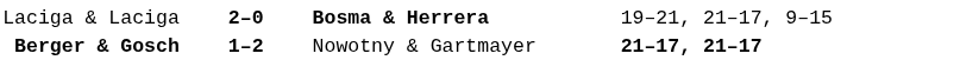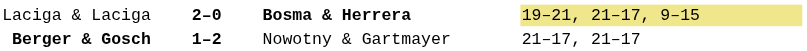 <table>
 <tr>
 <th width=200></th>
 <th width=80></th>
 <th width=200></th>
 <th width=220></th>
 </tr>
 <tr>
 <td align=right>Laciga & Laciga</td>
 <td align=center><strong>2–0</strong></td>
 <td align=left><strong>Bosma & Herrera</strong></td>
-<td>19–21, 21–17, 9–15</td>
+<td style="background: khaki;">19–21, 21–17, 9–15</td>
 </tr>
 <tr>
 <td align=right><strong>Berger & Gosch</strong></td>
 <td align=center><strong>1–2</strong></td>
 <td align=left>Nowotny & Gartmayer</td>
-<td><strong>21–17, 21–17</strong></td>
+<td>21–17, 21–17</td>
 </tr>
 </table>
